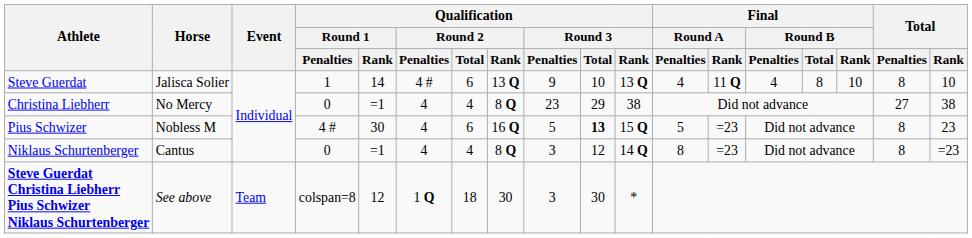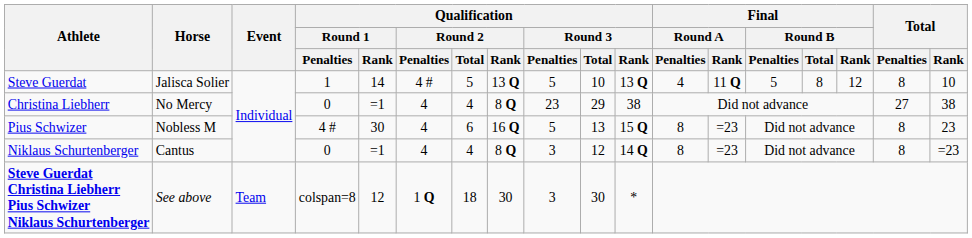 <table class="wikitable" style="font-size:90%">
 <tr>
 <th rowspan="3">Athlete</th>
 <th rowspan="3">Horse</th>
 <th rowspan="3">Event</th>
 <th colspan="8">Qualification</th>
 <th colspan="5">Final</th>
 <th rowspan=2 colspan="2">Total</th>
 </tr>
 <tr style="font-size:95%">
 <th colspan="2">Round 1</th>
 <th colspan="3">Round 2</th>
 <th colspan="3">Round 3</th>
 <th colspan="2">Round A</th>
 <th colspan="3">Round B</th>
 </tr>
 <tr style="font-size:95%">
 <th>Penalties</th>
 <th>Rank</th>
 <th>Penalties</th>
 <th>Total</th>
 <th>Rank</th>
 <th>Penalties</th>
 <th>Total</th>
 <th>Rank</th>
 <th>Penalties</th>
 <th>Rank</th>
 <th>Penalties</th>
 <th>Total</th>
 <th>Rank</th>
 <th>Penalties</th>
 <th>Rank</th>
 </tr>
 <tr align=center>
 <td align=left><a href='#'>Steve Guerdat</a></td>
 <td align=left>Jalisca Solier</td>
 <td align=left rowspan=4><a href='#'>Individual</a></td>
 <td>1</td>
 <td>14</td>
 <td>4 #</td>
-<td>6</td>
+<td>5</td>
 <td>13 <strong>Q</strong></td>
-<td>9</td>
+<td>5</td>
 <td>10</td>
 <td>13 <strong>Q</strong></td>
 <td>4</td>
 <td>11 <strong>Q</strong></td>
-<td>4</td>
+<td>5</td>
 <td>8</td>
-<td>10</td>
+<td>12</td>
 <td>8</td>
 <td>10</td>
 </tr>
 <tr align=center>
 <td align=left><a href='#'>Christina Liebherr</a></td>
 <td align=left>No Mercy</td>
 <td>0</td>
 <td>=1</td>
 <td>4</td>
 <td>4</td>
 <td>8 <strong>Q</strong></td>
 <td>23</td>
 <td>29</td>
 <td>38</td>
 <td colspan=5>Did not advance</td>
 <td>27</td>
 <td>38</td>
 </tr>
 <tr align=center>
 <td align=left><a href='#'>Pius Schwizer</a></td>
 <td align=left>Nobless M</td>
 <td>4 #</td>
 <td>30</td>
 <td>4</td>
 <td>6</td>
 <td>16 <strong>Q</strong></td>
 <td>5</td>
-<td><strong>13</strong></td>
+<td>13</td>
 <td>15 <strong>Q</strong></td>
-<td>5</td>
+<td>8</td>
 <td>=23</td>
 <td colspan=3>Did not advance</td>
 <td>8</td>
 <td>23</td>
 </tr>
 <tr align=center>
 <td align=left><a href='#'>Niklaus Schurtenberger</a></td>
 <td align=left>Cantus</td>
 <td>0</td>
 <td>=1</td>
 <td>4</td>
 <td>4</td>
 <td>8 <strong>Q</strong></td>
 <td>3</td>
 <td>12</td>
 <td>14 <strong>Q</strong></td>
 <td>8</td>
 <td>=23</td>
 <td colspan=3>Did not advance</td>
 <td>8</td>
 <td>=23</td>
 </tr>
 <tr align=center>
 <td align=left><strong><a href='#'>Steve Guerdat</a><br><a href='#'>Christina Liebherr</a><br><a href='#'>Pius Schwizer</a><br><a href='#'>Niklaus Schurtenberger</a></strong></td>
 <td align=left><em>See above</em></td>
 <td align=left><a href='#'>Team</a></td>
 <td>colspan=8 </td>
 <td>12</td>
 <td>1 <strong>Q</strong></td>
 <td>18</td>
 <td>30</td>
 <td>3</td>
 <td>30</td>
 <td>*</td>
 </tr>
 </table>
